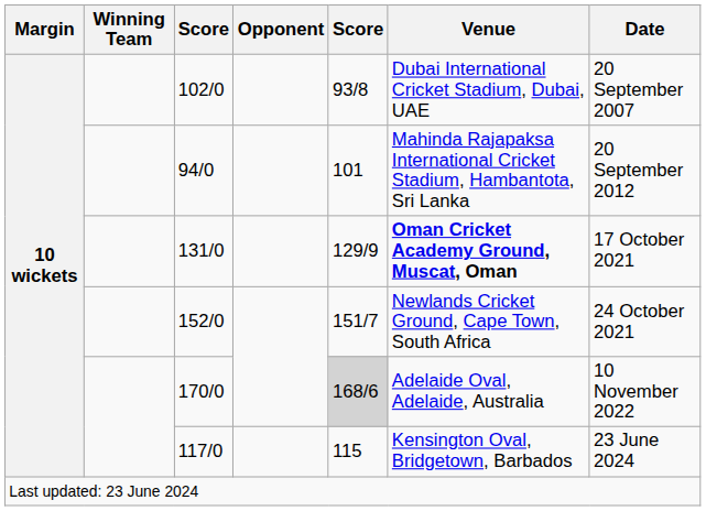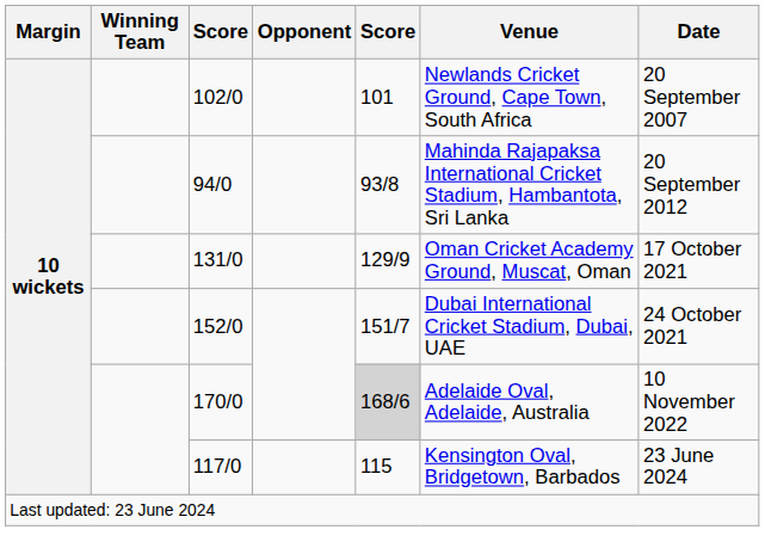 <table class="wikitable sortable" style="text-align:left;">
 <tr>
 <th>Margin</th>
 <th>Winning Team</th>
 <th>Score</th>
 <th>Opponent</th>
 <th>Score</th>
 <th>Venue</th>
 <th>Date</th>
 </tr>
 <tr>
 <th rowspan="6"><strong>10 wickets</strong></th>
 <td></td>
 <td>102/0</td>
 <td></td>
-<td>93/8</td>
-<td><a href='#'>Dubai International Cricket Stadium</a>, <a href='#'>Dubai</a>, UAE</td>
+<td>101</td>
+<td><a href='#'>Newlands Cricket Ground</a>, <a href='#'>Cape Town</a>, South Africa</td>
 <td>20 September 2007</td>
 </tr>
 <tr>
 <td></td>
 <td>94/0</td>
 <td></td>
-<td>101</td>
+<td>93/8</td>
 <td><a href='#'>Mahinda Rajapaksa International Cricket Stadium</a>, <a href='#'>Hambantota</a>, Sri Lanka</td>
 <td>20 September 2012</td>
 </tr>
 <tr>
 <td></td>
 <td>131/0</td>
 <td></td>
 <td>129/9</td>
-<td><strong><a href='#'>Oman Cricket Academy Ground</a>, <a href='#'>Muscat</a>, Oman</strong></td>
+<td><a href='#'>Oman Cricket Academy Ground</a>, <a href='#'>Muscat</a>, Oman</td>
 <td>17 October 2021</td>
 </tr>
 <tr>
 <td></td>
 <td>152/0</td>
 <td rowspan=2></td>
 <td>151/7</td>
-<td><a href='#'>Newlands Cricket Ground</a>, <a href='#'>Cape Town</a>, South Africa</td>
+<td><a href='#'>Dubai International Cricket Stadium</a>, <a href='#'>Dubai</a>, UAE</td>
 <td>24 October 2021</td>
 </tr>
 <tr>
 <td rowspan=2></td>
 <td>170/0</td>
 <td style="background: lightgrey;">168/6</td>
 <td><a href='#'>Adelaide Oval</a>, <a href='#'>Adelaide</a>, Australia</td>
 <td>10 November 2022</td>
 </tr>
 <tr>
 <td>117/0</td>
 <td></td>
 <td>115</td>
 <td><a href='#'>Kensington Oval</a>, <a href='#'>Bridgetown</a>, Barbados</td>
 <td>23 June 2024</td>
 </tr>
 <tr>
 <td colspan="7"><small>Last updated: 23 June 2024</small></td>
 </tr>
 </table>
